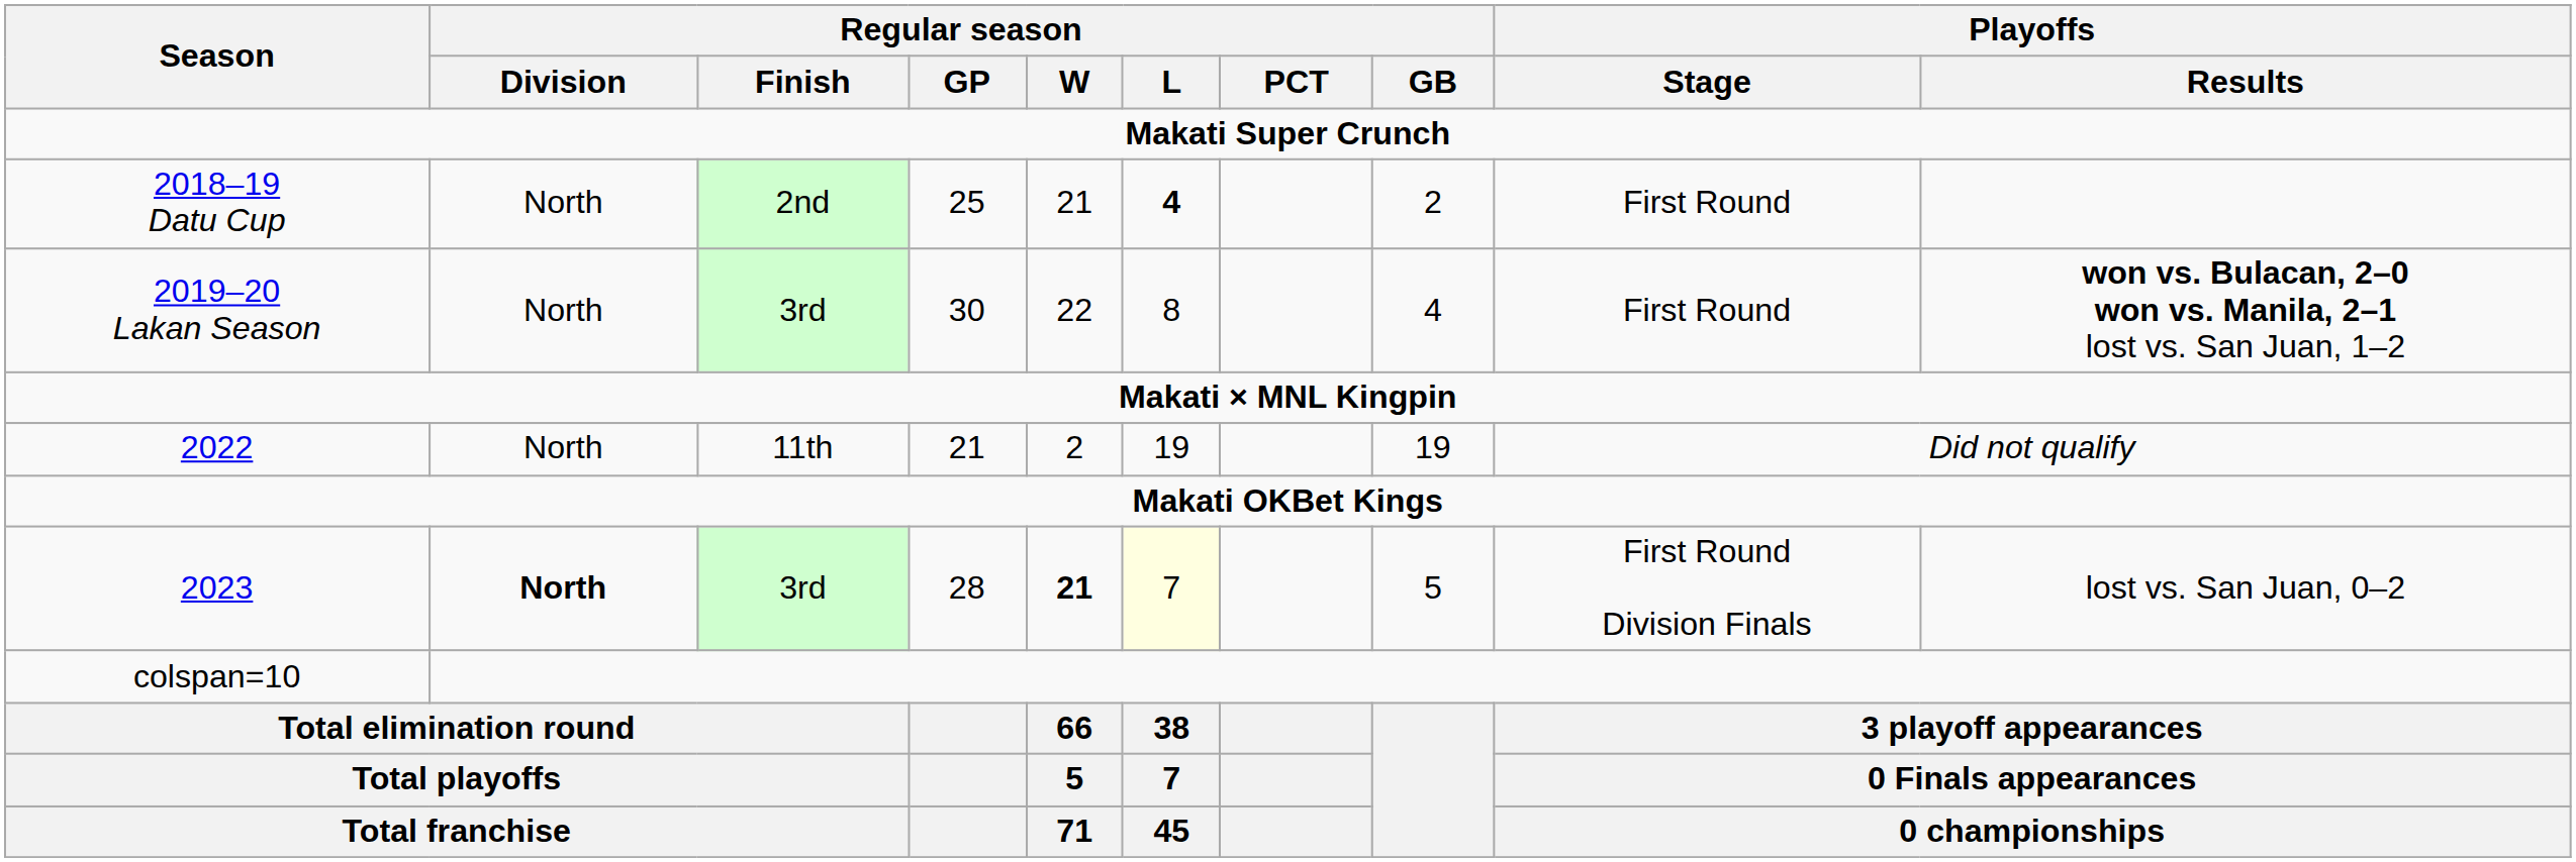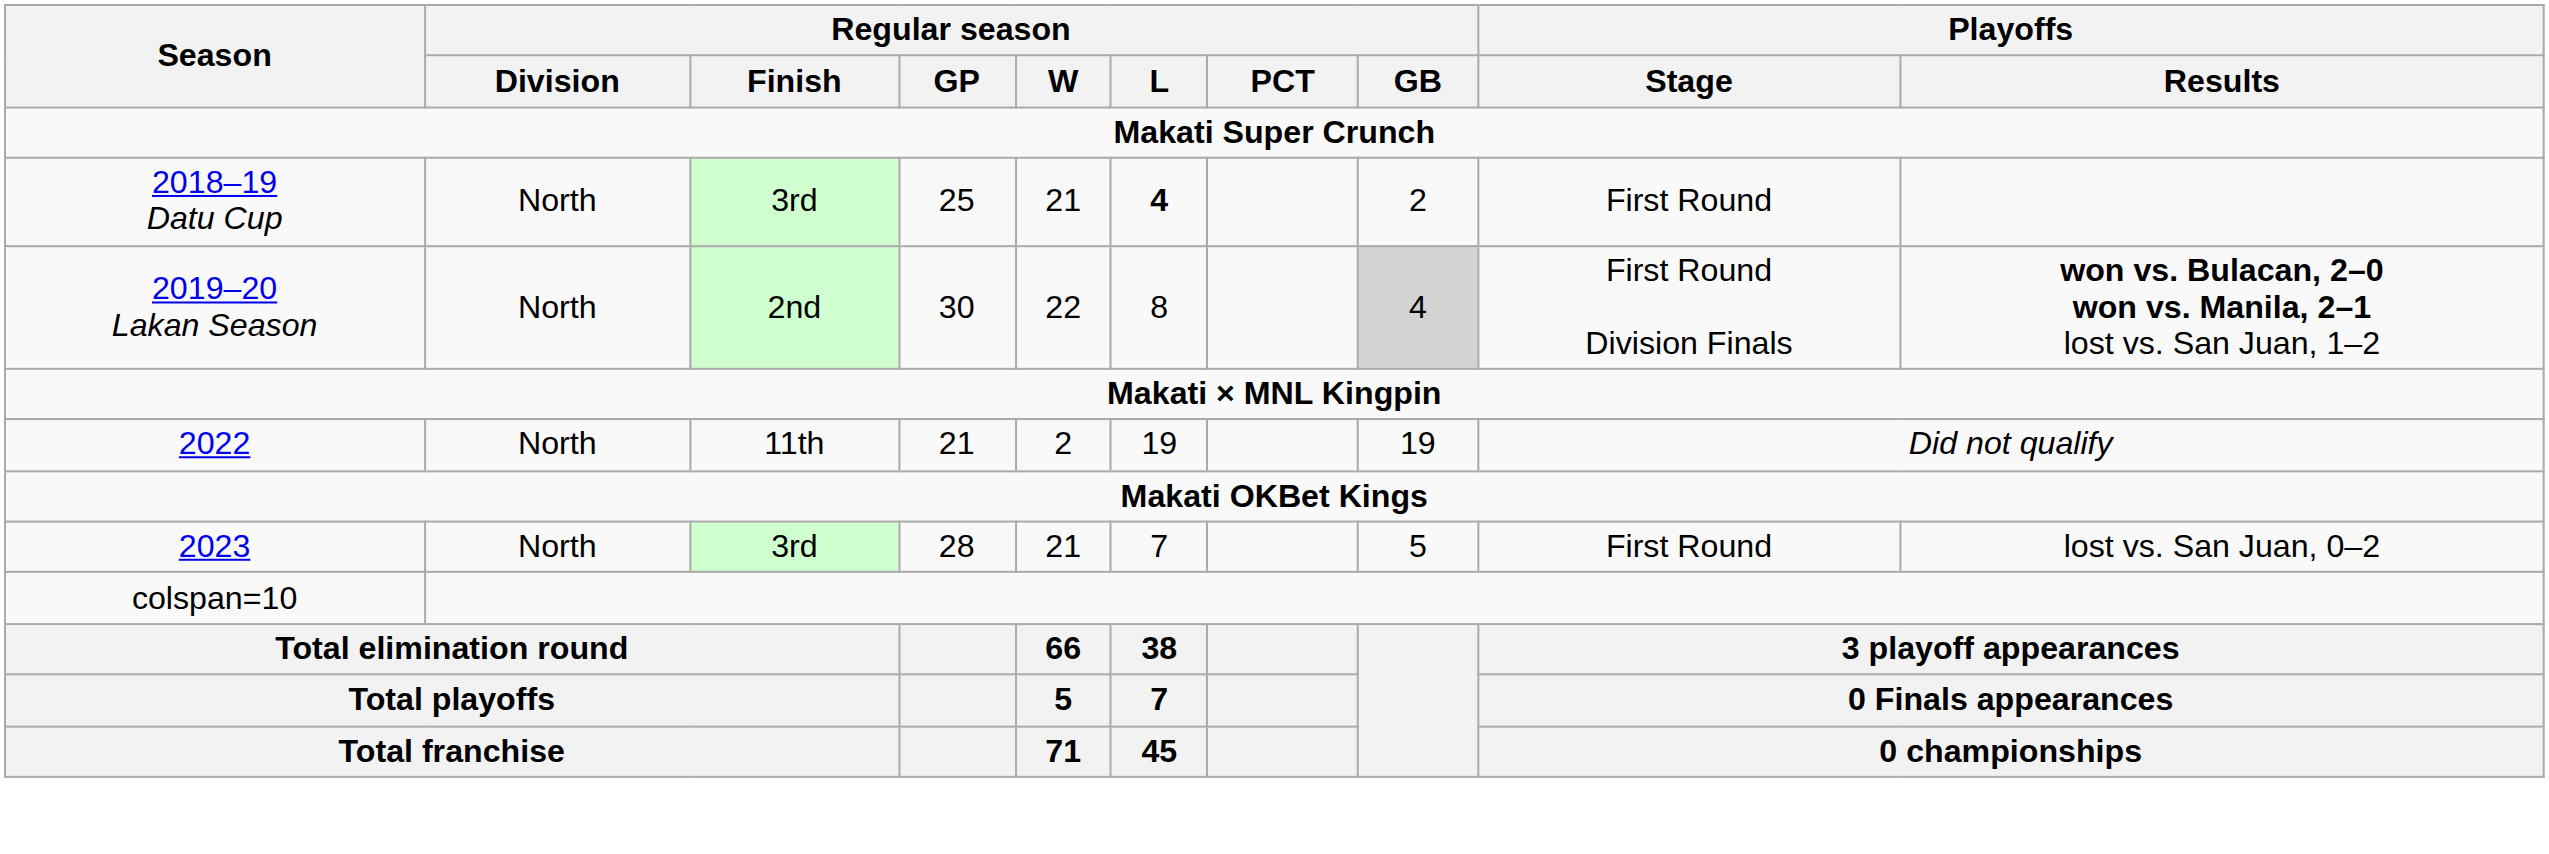 <table class=wikitable style="width:100%; text-align:center">
 <tr>
 <th rowspan="2">Season</th>
 <th colspan="7">Regular season</th>
 <th colspan="2">Playoffs</th>
 </tr>
 <tr>
 <th>Division</th>
 <th>Finish</th>
 <th>GP</th>
 <th>W</th>
 <th>L</th>
 <th>PCT</th>
 <th>GB</th>
 <th>Stage</th>
 <th>Results</th>
 </tr>
 <tr>
 <td colspan=10><span><strong>Makati Super Crunch</strong></span></td>
 </tr>
 <tr>
 <td><a href='#'>2018–19</a> <br> <em>Datu Cup</em></td>
 <td>North</td>
-<td bgcolor="CFFFCF">2nd</td>
+<td bgcolor="CFFFCF">3rd</td>
 <td>25</td>
 <td>21</td>
 <td><strong>4</strong></td>
 <td></td>
 <td>2</td>
 <td>First Round</td>
 <td></td>
 </tr>
 <tr>
 <td><a href='#'>2019–20</a> <br> <em>Lakan Season</em></td>
 <td>North</td>
-<td bgcolor="CFFFCF">3rd</td>
+<td bgcolor="CFFFCF">2nd</td>
 <td>30</td>
 <td>22</td>
 <td>8</td>
 <td></td>
-<td>4</td>
-<td>First Round</td>
+<td style="background: lightgrey;">4</td>
+<td>First Round<br><br>Division Finals</td>
 <td><strong>won vs. Bulacan, 2–0</strong><br><strong>won vs. Manila, 2–1</strong><br>lost vs. San Juan, 1–2</td>
 </tr>
 <tr>
 <td colspan=10><span><strong>Makati × MNL Kingpin</strong></span></td>
 </tr>
 <tr>
 <td><a href='#'>2022</a> <br> <em></em></td>
 <td>North</td>
 <td>11th</td>
 <td>21</td>
 <td>2</td>
 <td>19</td>
 <td></td>
 <td>19</td>
 <td colspan="2"><em>Did not qualify</em></td>
 </tr>
 <tr>
 <td colspan=10><span><strong>Makati OKBet Kings</strong></span></td>
 </tr>
 <tr>
 <td><a href='#'>2023</a></td>
-<td><strong>North</strong></td>
+<td>North</td>
 <td bgcolor="CFFFCF">3rd</td>
 <td>28</td>
-<td><strong>21</strong></td>
-<td style="background: lightyellow;">7</td>
+<td>21</td>
+<td>7</td>
 <td></td>
 <td>5</td>
-<td>First Round<br><br>Division Finals</td>
+<td>First Round</td>
 <td>lost vs. San Juan, 0–2</td>
 </tr>
 <tr>
 <td>colspan=10 </td>
 </tr>
 <tr>
 <th colspan="3">Total elimination round</th>
 <th></th>
 <th>66</th>
 <th>38</th>
 <th></th>
 <th rowspan="3"></th>
 <th colspan="2">3 playoff appearances</th>
 </tr>
 <tr>
 <th colspan="3">Total playoffs</th>
 <th></th>
 <th>5</th>
 <th>7</th>
 <th></th>
 <th colspan="2">0 Finals appearances</th>
 </tr>
 <tr>
 <th colspan="3">Total franchise</th>
 <th></th>
 <th>71</th>
 <th>45</th>
 <th></th>
 <th colspan="2">0 championships</th>
 </tr>
 </table>
